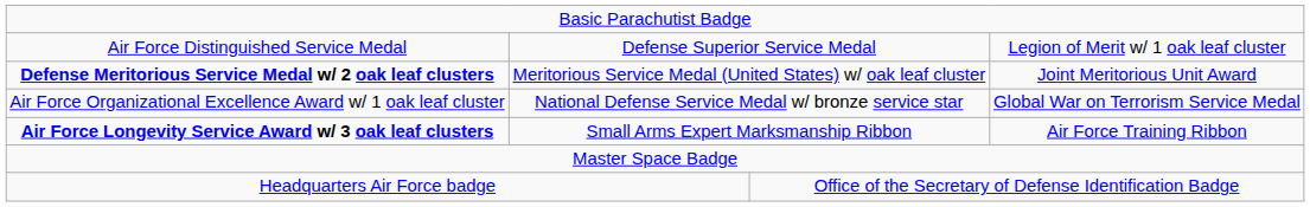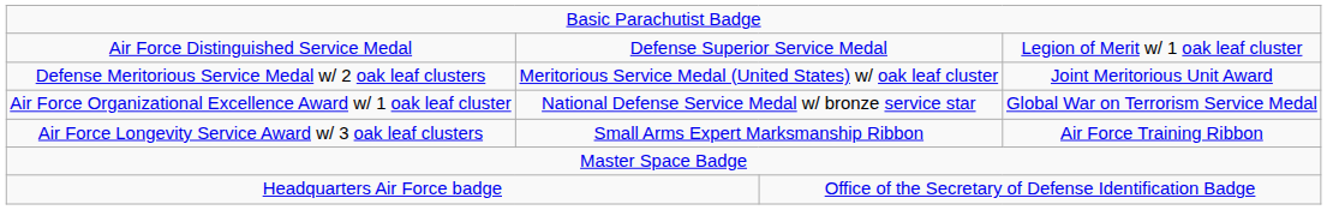 <table class="wikitable" style="margin:1em auto; text-align:center;">
 <tr>
 <td colspan="4"><a href='#'>Basic Parachutist Badge</a></td>
 </tr>
 <tr>
 <td><a href='#'>Air Force Distinguished Service Medal</a></td>
 <td colspan="2"><a href='#'>Defense Superior Service Medal</a></td>
 <td><a href='#'>Legion of Merit</a> w/ 1 <a href='#'>oak leaf cluster</a></td>
 </tr>
 <tr>
-<td><strong><a href='#'>Defense Meritorious Service Medal</a> w/ 2 <a href='#'>oak leaf clusters</a></strong></td>
+<td><a href='#'>Defense Meritorious Service Medal</a> w/ 2 <a href='#'>oak leaf clusters</a></td>
 <td colspan="2"><a href='#'>Meritorious Service Medal (United States)</a> w/ <a href='#'>oak leaf cluster</a></td>
 <td><a href='#'>Joint Meritorious Unit Award</a></td>
 </tr>
 <tr>
 <td><a href='#'>Air Force Organizational Excellence Award</a> w/ 1 <a href='#'>oak leaf cluster</a></td>
 <td colspan="2"><a href='#'>National Defense Service Medal</a> w/ bronze <a href='#'>service star</a></td>
 <td><a href='#'>Global War on Terrorism Service Medal</a></td>
 </tr>
 <tr>
-<td><strong><a href='#'>Air Force Longevity Service Award</a> w/ 3 <a href='#'>oak leaf clusters</a></strong></td>
+<td><a href='#'>Air Force Longevity Service Award</a> w/ 3 <a href='#'>oak leaf clusters</a></td>
 <td colspan="2"><a href='#'>Small Arms Expert Marksmanship Ribbon</a></td>
 <td><a href='#'>Air Force Training Ribbon</a></td>
 </tr>
 <tr>
 <td colspan="4"><a href='#'>Master Space Badge</a></td>
 </tr>
 <tr>
 <td colspan="2"><a href='#'>Headquarters Air Force badge</a></td>
 <td colspan="2"><a href='#'>Office of the Secretary of Defense Identification Badge</a></td>
 </tr>
 </table>
